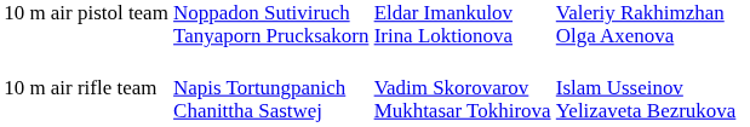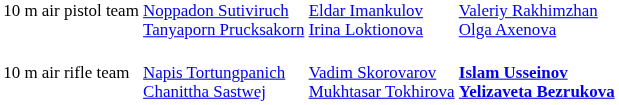 <table>
 <tr>
 <td>10 m air pistol team</td>
 <td><br><a href='#'>Noppadon Sutiviruch</a><br><a href='#'>Tanyaporn Prucksakorn</a></td>
 <td><br><a href='#'>Eldar Imankulov</a><br><a href='#'>Irina Loktionova</a></td>
 <td><br><a href='#'>Valeriy Rakhimzhan</a><br><a href='#'>Olga Axenova</a></td>
 </tr>
 <tr>
 <td>10 m air rifle team</td>
 <td><br><a href='#'>Napis Tortungpanich</a><br><a href='#'>Chanittha Sastwej</a></td>
 <td><br><a href='#'>Vadim Skorovarov</a><br><a href='#'>Mukhtasar Tokhirova</a></td>
-<td><br><a href='#'>Islam Usseinov</a><br><a href='#'>Yelizaveta Bezrukova</a></td>
+<td><strong><br><a href='#'>Islam Usseinov</a><br><a href='#'>Yelizaveta Bezrukova</a></strong></td>
 </tr>
 </table>
